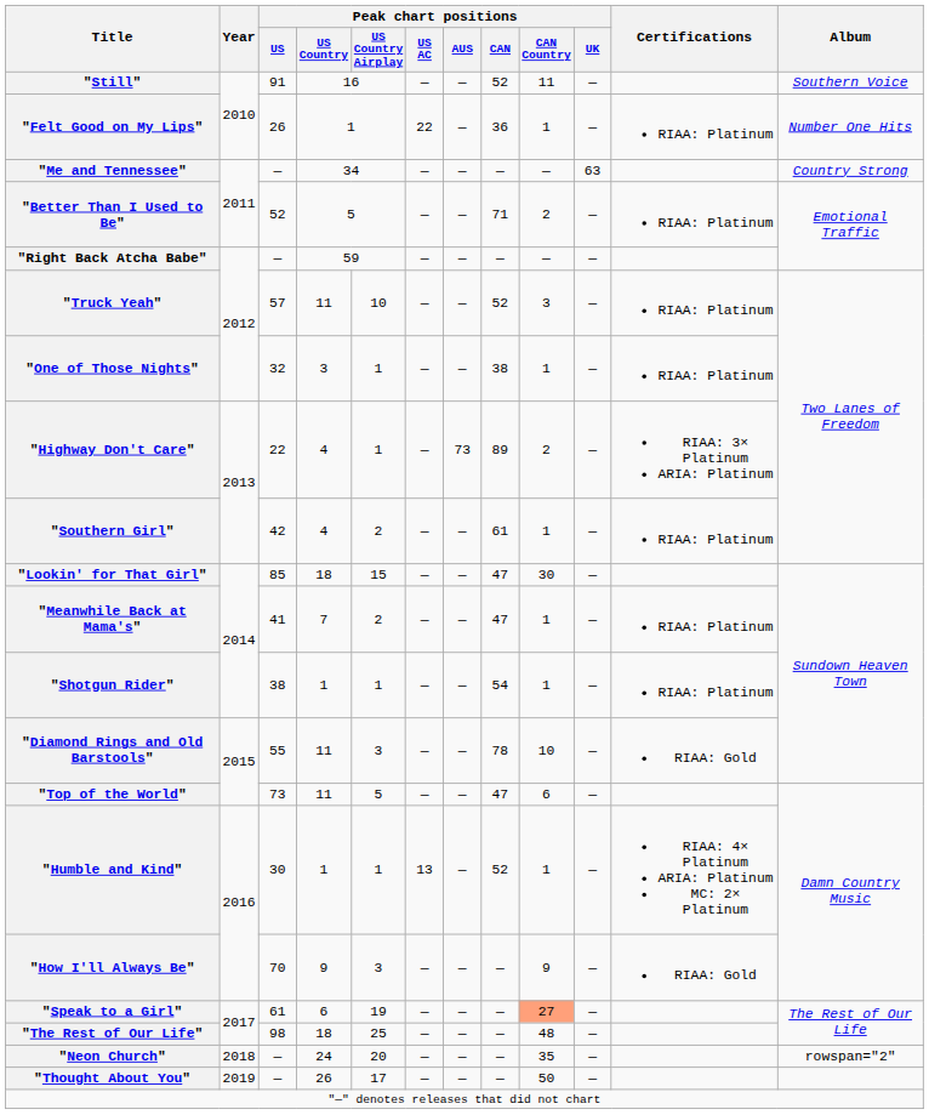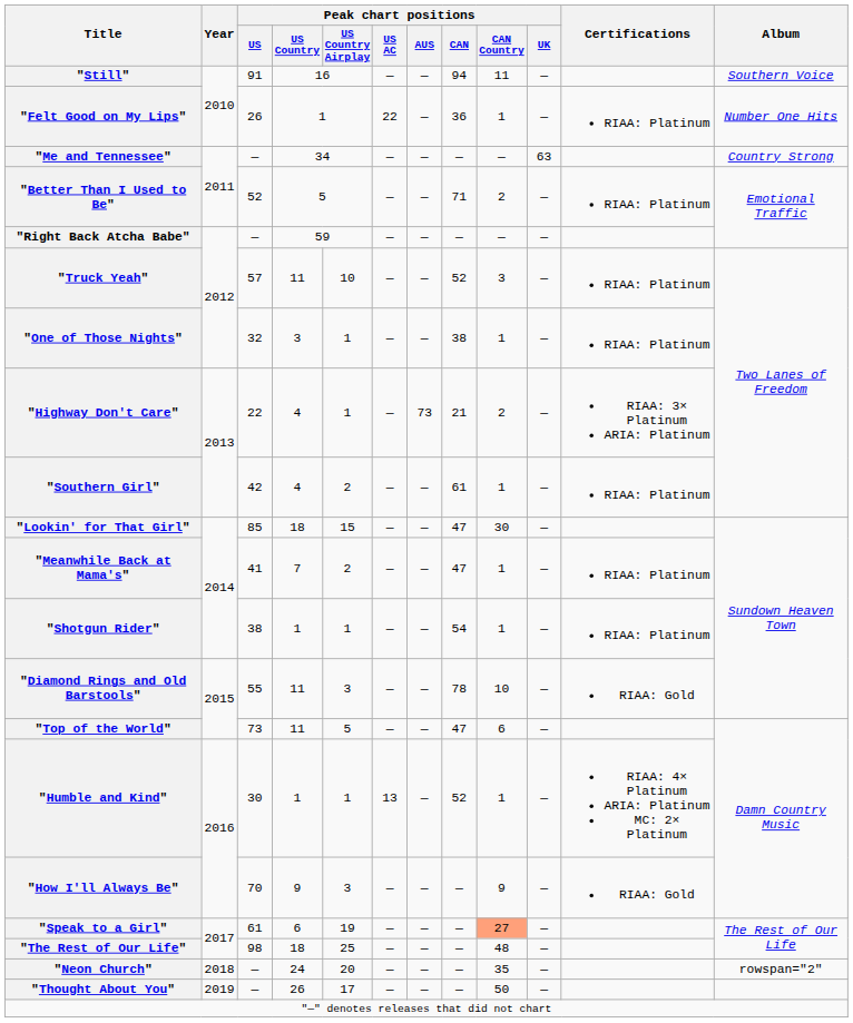 <table class="wikitable plainrowheaders" style="text-align:center;">
 <tr>
 <th scope="col" rowspan="2">Title</th>
 <th scope="col" rowspan="2">Year</th>
 <th scope="col" colspan="8">Peak chart positions</th>
 <th scope="col" rowspan="2">Certifications</th>
 <th scope="col" rowspan="2">Album</th>
 </tr>
 <tr>
 <th scope="col" style="width:2.75em;font-size:85%;"><a href='#'>US</a><br></th>
 <th scope="col" style="width:2.75em;font-size:85%;"><a href='#'>US<br>Country</a><br></th>
 <th scope="col" style="width:2.75em;font-size:85%;"><a href='#'>US<br>Country Airplay</a><br></th>
 <th scope="col" style="width:2.75em;font-size:85%;"><a href='#'>US<br>AC</a><br></th>
 <th scope="col" style="width:2.75em;font-size:85%;"><a href='#'>AUS</a><br></th>
 <th scope="col" style="width:2.75em;font-size:85%;"><a href='#'>CAN</a><br></th>
 <th scope="col" style="width:2.75em;font-size:85%;"><a href='#'>CAN<br>Country</a><br></th>
 <th scope="col" style="width:2.75em;font-size:85%;"><a href='#'>UK</a><br></th>
 </tr>
 <tr>
 <th scope="row">"<a href='#'>Still</a>"</th>
 <td rowspan="2">2010</td>
 <td>91</td>
 <td colspan="2">16</td>
 <td>—</td>
 <td>—</td>
-<td>52</td>
+<td>94</td>
 <td>11</td>
 <td>—</td>
 <td></td>
 <td><em><a href='#'>Southern Voice</a></em></td>
 </tr>
 <tr>
 <th scope="row">"<a href='#'>Felt Good on My Lips</a>"</th>
 <td>26</td>
 <td colspan="2">1</td>
 <td>22</td>
 <td>—</td>
 <td>36</td>
 <td>1</td>
 <td>—</td>
 <td><br><ul><li>RIAA: Platinum</li></ul></td>
 <td><em><a href='#'>Number One Hits</a></em></td>
 </tr>
 <tr>
 <th scope="row">"<a href='#'>Me and Tennessee</a>"<br></th>
 <td rowspan="2">2011</td>
 <td>—</td>
 <td colspan="2">34</td>
 <td>—</td>
 <td>—</td>
 <td>—</td>
 <td>—</td>
 <td>63</td>
 <td></td>
 <td><em><a href='#'>Country Strong</a></em></td>
 </tr>
 <tr>
 <th scope="row">"<a href='#'>Better Than I Used to Be</a>"</th>
 <td>52</td>
 <td colspan="2">5</td>
 <td>—</td>
 <td>—</td>
 <td>71</td>
 <td>2</td>
 <td>—</td>
 <td><br><ul><li>RIAA: Platinum</li></ul></td>
 <td rowspan="2"><em><a href='#'>Emotional Traffic</a></em></td>
 </tr>
 <tr>
 <th scope="row">"Right Back Atcha Babe"</th>
 <td rowspan="3">2012</td>
 <td>—</td>
 <td colspan="2">59</td>
 <td>—</td>
 <td>—</td>
 <td>—</td>
 <td>—</td>
 <td>—</td>
 <td></td>
 </tr>
 <tr>
 <th scope="row">"<a href='#'>Truck Yeah</a>"</th>
 <td>57</td>
 <td>11</td>
 <td>10</td>
 <td>—</td>
 <td>—</td>
 <td>52</td>
 <td>3</td>
 <td>—</td>
 <td><br><ul><li>RIAA: Platinum</li></ul></td>
 <td rowspan="4"><em><a href='#'>Two Lanes of Freedom</a></em></td>
 </tr>
 <tr>
 <th scope="row">"<a href='#'>One of Those Nights</a>"</th>
 <td>32</td>
 <td>3</td>
 <td>1</td>
 <td>—</td>
 <td>—</td>
 <td>38</td>
 <td>1</td>
 <td>—</td>
 <td><br><ul><li>RIAA: Platinum</li></ul></td>
 </tr>
 <tr>
 <th scope="row">"<a href='#'>Highway Don't Care</a>"<br></th>
 <td rowspan="2">2013</td>
 <td>22</td>
 <td>4</td>
 <td>1</td>
 <td>—</td>
 <td>73</td>
-<td>89</td>
+<td>21</td>
 <td>2</td>
 <td>—</td>
 <td><br><ul><li>RIAA: 3× Platinum</li><li>ARIA: Platinum</li></ul></td>
 </tr>
 <tr>
 <th scope="row">"<a href='#'>Southern Girl</a>"</th>
 <td>42</td>
 <td>4</td>
 <td>2</td>
 <td>—</td>
 <td>—</td>
 <td>61</td>
 <td>1</td>
 <td>—</td>
 <td><br><ul><li>RIAA: Platinum</li></ul></td>
 </tr>
 <tr>
 <th scope="row">"<a href='#'>Lookin' for That Girl</a>"</th>
 <td rowspan="3">2014</td>
 <td>85</td>
 <td>18</td>
 <td>15</td>
 <td>—</td>
 <td>—</td>
 <td>47</td>
 <td>30</td>
 <td>—</td>
 <td></td>
 <td rowspan="4"><em><a href='#'>Sundown Heaven Town</a></em></td>
 </tr>
 <tr>
 <th scope="row">"<a href='#'>Meanwhile Back at Mama's</a>"<br></th>
 <td>41</td>
 <td>7</td>
 <td>2</td>
 <td>—</td>
 <td>—</td>
 <td>47</td>
 <td>1</td>
 <td>—</td>
 <td><br><ul><li>RIAA: Platinum</li></ul></td>
 </tr>
 <tr>
 <th scope="row">"<a href='#'>Shotgun Rider</a>"</th>
 <td>38</td>
 <td>1</td>
 <td>1</td>
 <td>—</td>
 <td>—</td>
 <td>54</td>
 <td>1</td>
 <td>—</td>
 <td><br><ul><li>RIAA: Platinum</li></ul></td>
 </tr>
 <tr>
 <th scope="row">"<a href='#'>Diamond Rings and Old Barstools</a>"<br></th>
 <td rowspan="2">2015</td>
 <td>55</td>
 <td>11</td>
 <td>3</td>
 <td>—</td>
 <td>—</td>
 <td>78</td>
 <td>10</td>
 <td>—</td>
 <td><br><ul><li>RIAA: Gold</li></ul></td>
 </tr>
 <tr>
 <th scope="row">"<a href='#'>Top of the World</a>"</th>
 <td>73</td>
 <td>11</td>
 <td>5</td>
 <td>—</td>
 <td>—</td>
 <td>47</td>
 <td>6</td>
 <td>—</td>
 <td></td>
 <td rowspan="3"><em><a href='#'>Damn Country Music</a></em></td>
 </tr>
 <tr>
 <th scope="row">"<a href='#'>Humble and Kind</a>"</th>
 <td rowspan="2">2016</td>
 <td>30</td>
 <td>1</td>
 <td>1</td>
 <td>13</td>
 <td>—</td>
 <td>52</td>
 <td>1</td>
 <td>—</td>
 <td><br><ul><li>RIAA: 4× Platinum</li><li>ARIA: Platinum</li><li>MC: 2× Platinum</li></ul></td>
 </tr>
 <tr>
 <th scope="row">"<a href='#'>How I'll Always Be</a>"</th>
 <td>70</td>
 <td>9</td>
 <td>3</td>
 <td>—</td>
 <td>—</td>
 <td>—</td>
 <td>9</td>
 <td>—</td>
 <td><br><ul><li>RIAA: Gold</li></ul></td>
 </tr>
 <tr>
 <th scope="row">"<a href='#'>Speak to a Girl</a>"<br></th>
 <td rowspan="2">2017</td>
 <td>61</td>
 <td>6</td>
 <td>19</td>
 <td>—</td>
 <td>—</td>
 <td>—</td>
 <td style="background: lightsalmon;">27</td>
 <td>—</td>
 <td></td>
 <td rowspan="2"><em><a href='#'>The Rest of Our Life</a></em></td>
 </tr>
 <tr>
 <th scope="row">"<a href='#'>The Rest of Our Life</a>"<br></th>
 <td>98</td>
 <td>18</td>
 <td>25</td>
 <td>—</td>
 <td>—</td>
 <td>—</td>
 <td>48</td>
 <td>—</td>
 <td></td>
 </tr>
 <tr>
 <th scope="row">"<a href='#'>Neon Church</a>"</th>
 <td>2018</td>
 <td>—</td>
 <td>24</td>
 <td>20</td>
 <td>—</td>
 <td>—</td>
 <td>—</td>
 <td>35</td>
 <td>—</td>
 <td></td>
 <td>rowspan="2" </td>
 </tr>
 <tr>
 <th scope="row">"<a href='#'>Thought About You</a>"</th>
 <td>2019</td>
 <td>—</td>
 <td>26</td>
 <td>17</td>
 <td>—</td>
 <td>—</td>
 <td>—</td>
 <td>50</td>
 <td>—</td>
 <td></td>
 </tr>
 <tr>
 <td colspan="13" style="font-size:85%">"—" denotes releases that did not chart</td>
 </tr>
 </table>
